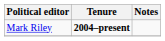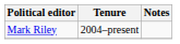 <table class="wikitable">
 <tr>
 <th>Political editor</th>
 <th>Tenure</th>
 <th>Notes</th>
 </tr>
 <tr>
 <td><a href='#'>Mark Riley</a></td>
-<td><strong>2004–present</strong></td>
+<td>2004–present</td>
 <td></td>
 </tr>
 <tr>
 </tr>
 </table>
